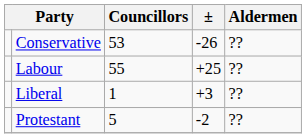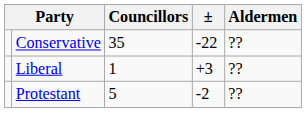 <table class="wikitable">
 <tr>
 <th colspan="2">Party</th>
 <th>Councillors</th>
 <th>  ±  </th>
 <th>Aldermen</th>
 </tr>
 <tr>
 <td style="background-color: "></td>
 <td><a href='#'>Conservative</a></td>
-<td>53</td>
-<td>-26</td>
-<td>??</td>
-</tr>
-<tr>
-<td style="background-color: "></td>
-<td><a href='#'>Labour</a></td>
-<td>55</td>
-<td>+25</td>
+<td>35</td>
+<td>-22</td>
 <td>??</td>
 </tr>
 <tr>
 <td style="background-color: "></td>
 <td><a href='#'>Liberal</a></td>
 <td>1</td>
 <td>+3</td>
 <td>??</td>
 </tr>
 <tr>
 <td style="background-color: "></td>
 <td><a href='#'>Protestant</a></td>
 <td>5</td>
 <td>-2</td>
 <td>??</td>
 </tr>
 <tr>
 </tr>
 </table>
